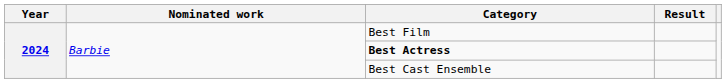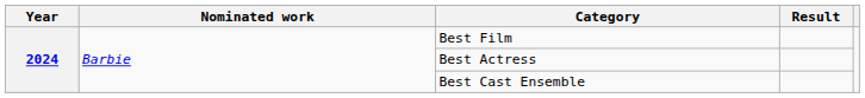 <table class=wikitable>
 <tr>
 <th scope="col" style="width:5em;">Year</th>
 <th scope="col" style="width:26em;">Nominated work</th>
 <th scope="col" style="width:25em;">Category</th>
 <th scope="col" style="width:5em;">Result</th>
 <th scope="col"></th>
 </tr>
 <tr>
 <th scope="row" rowspan="3"><a href='#'>2024</a></th>
 <td rowspan="3"><em><a href='#'>Barbie</a></em></td>
 <td>Best Film</td>
 <td></td>
 <td rowspan="3" style="text-align:center;"></td>
 </tr>
 <tr>
-<td><strong>Best Actress</strong></td>
+<td>Best Actress</td>
 <td></td>
 </tr>
 <tr>
 <td>Best Cast Ensemble</td>
 <td></td>
 </tr>
 </table>
